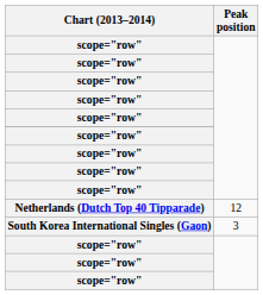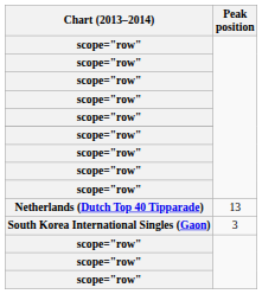 <table class="wikitable sortable plainrowheaders">
 <tr>
 <th>Chart (2013–2014)</th>
 <th>Peak<br>position</th>
 </tr>
 <tr>
 <th>scope="row"</th>
 </tr>
 <tr>
 <th>scope="row"</th>
 </tr>
 <tr>
 <th>scope="row"</th>
 </tr>
 <tr>
 <th>scope="row"</th>
 </tr>
 <tr>
 <th>scope="row"</th>
 </tr>
 <tr>
 </tr>
 <tr>
 <th>scope="row"</th>
 </tr>
 <tr>
 <th>scope="row"</th>
 </tr>
 <tr>
 <th>scope="row"</th>
 </tr>
 <tr>
 <th>scope="row"</th>
 </tr>
 <tr>
 <th scope="row">Netherlands (<a href='#'>Dutch Top 40 Tipparade</a>)</th>
-<td align="center">12</td>
+<td align="center">13</td>
 </tr>
 <tr>
 <th scope="row">South Korea International Singles (<a href='#'>Gaon</a>)</th>
 <td style="text-align:center;">3</td>
 </tr>
 <tr>
 <th>scope="row"</th>
 </tr>
 <tr>
 <th>scope="row"</th>
 </tr>
 <tr>
 <th>scope="row"</th>
 </tr>
 </table>
